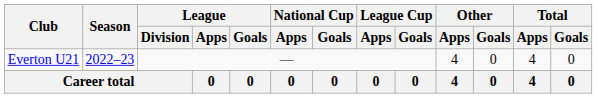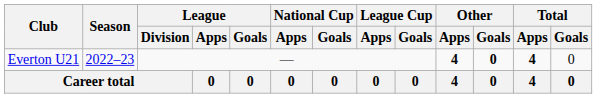 <table class=wikitable style=text-align:center>
 <tr>
 <th rowspan=2>Club</th>
 <th rowspan=2>Season</th>
 <th colspan=3>League</th>
 <th colspan=2>National Cup</th>
 <th colspan=2>League Cup</th>
 <th colspan=2>Other</th>
 <th colspan=2>Total</th>
 </tr>
 <tr>
 <th>Division</th>
 <th>Apps</th>
 <th>Goals</th>
 <th>Apps</th>
 <th>Goals</th>
 <th>Apps</th>
 <th>Goals</th>
 <th>Apps</th>
 <th>Goals</th>
 <th>Apps</th>
 <th>Goals</th>
 </tr>
 <tr>
 <td><a href='#'>Everton U21</a></td>
 <td><a href='#'>2022–23</a></td>
 <td colspan=7>—</td>
-<td>4</td>
-<td>0</td>
-<td>4</td>
+<td><strong>4</strong></td>
+<td><strong>0</strong></td>
+<td><strong>4</strong></td>
 <td>0</td>
 </tr>
 <tr>
 <th colspan=3>Career total</th>
 <th>0</th>
 <th>0</th>
 <th>0</th>
 <th>0</th>
 <th>0</th>
 <th>0</th>
 <th>4</th>
 <th>0</th>
 <th>4</th>
 <th>0</th>
 </tr>
 </table>
